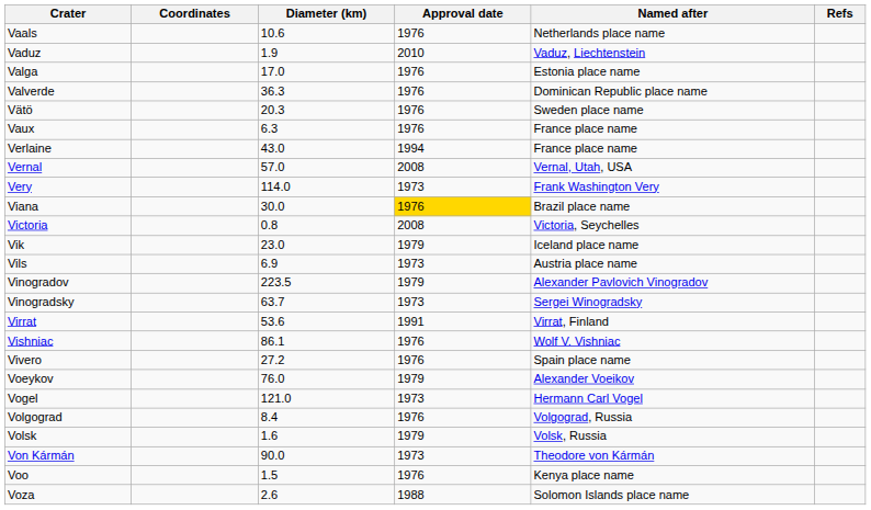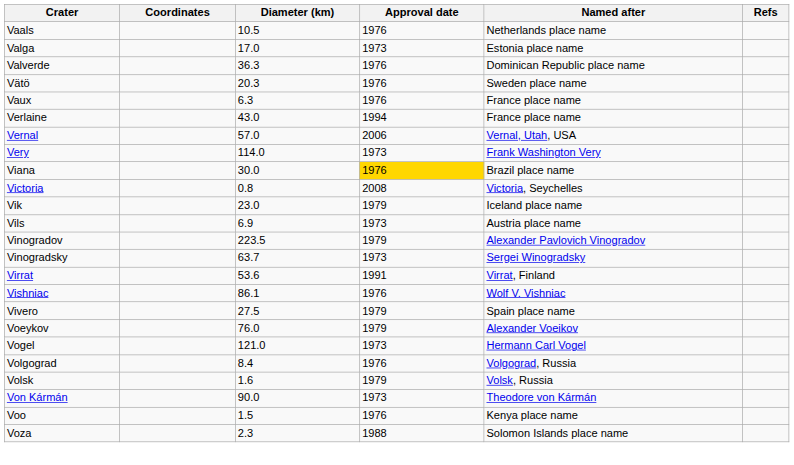 <table class="wikitable" style="min-width: 90%;">
 <tr>
 <th style="width:10em">Crater</th>
 <th style="width:10em">Coordinates</th>
 <th>Diameter (km)</th>
 <th>Approval date</th>
 <th>Named after</th>
 <th>Refs</th>
 </tr>
 <tr id="Vaals">
 <td>Vaals</td>
 <td></td>
-<td>10.6</td>
+<td>10.5</td>
 <td>1976</td>
 <td>Netherlands place name</td>
-<td></td>
-</tr>
-<tr id="Vaduz">
-<td>Vaduz</td>
-<td></td>
-<td>1.9</td>
-<td>2010</td>
-<td><a href='#'>Vaduz</a>, <a href='#'>Liechtenstein</a></td>
 <td></td>
 </tr>
 <tr id="Valga">
 <td>Valga</td>
 <td></td>
 <td>17.0</td>
-<td>1976</td>
+<td>1973</td>
 <td>Estonia place name</td>
 <td></td>
 </tr>
 <tr id="Valverde">
 <td>Valverde</td>
 <td></td>
 <td>36.3</td>
 <td>1976</td>
 <td>Dominican Republic place name</td>
 <td></td>
 </tr>
 <tr id="Vato">
 <td>Vätö</td>
 <td></td>
 <td>20.3</td>
 <td>1976</td>
 <td>Sweden place name</td>
 <td></td>
 </tr>
 <tr id="Vaux">
 <td>Vaux</td>
 <td></td>
 <td>6.3</td>
 <td>1976</td>
 <td>France place name</td>
 <td></td>
 </tr>
 <tr id="Verlaine">
 <td>Verlaine</td>
 <td></td>
 <td>43.0</td>
 <td>1994</td>
 <td>France place name</td>
 <td></td>
 </tr>
 <tr id="Vernal">
 <td><a href='#'>Vernal</a></td>
 <td></td>
 <td>57.0</td>
-<td>2008</td>
+<td>2006</td>
 <td><a href='#'>Vernal, Utah</a>, USA</td>
 <td></td>
 </tr>
 <tr id="Very">
 <td><a href='#'>Very</a></td>
 <td></td>
 <td>114.0</td>
 <td>1973</td>
 <td><a href='#'>Frank Washington Very</a></td>
 <td></td>
 </tr>
 <tr id="Viana">
 <td>Viana</td>
 <td></td>
 <td>30.0</td>
 <td style="background: gold;">1976</td>
 <td>Brazil place name</td>
 <td></td>
 </tr>
 <tr id="Victoria">
 <td><a href='#'>Victoria</a></td>
 <td></td>
 <td>0.8</td>
 <td>2008</td>
 <td><a href='#'>Victoria</a>, Seychelles</td>
 <td></td>
 </tr>
 <tr id="Vik">
 <td>Vik</td>
 <td></td>
 <td>23.0</td>
 <td>1979</td>
 <td>Iceland place name</td>
 <td></td>
 </tr>
 <tr id="Vils">
 <td>Vils</td>
 <td></td>
 <td>6.9</td>
 <td>1973</td>
 <td>Austria place name</td>
 <td></td>
 </tr>
 <tr id="Vinogradov">
 <td>Vinogradov</td>
 <td></td>
 <td>223.5</td>
 <td>1979</td>
 <td><a href='#'>Alexander Pavlovich Vinogradov</a></td>
 <td></td>
 </tr>
 <tr id="Vinogradsky">
 <td>Vinogradsky</td>
 <td></td>
 <td>63.7</td>
 <td>1973</td>
 <td><a href='#'>Sergei Winogradsky</a></td>
 <td></td>
 </tr>
 <tr id="Virrat">
 <td><a href='#'>Virrat</a></td>
 <td></td>
 <td>53.6</td>
 <td>1991</td>
 <td><a href='#'>Virrat</a>, Finland</td>
 <td></td>
 </tr>
 <tr id="Vishniac">
 <td><a href='#'>Vishniac</a></td>
 <td></td>
 <td>86.1</td>
 <td>1976</td>
 <td><a href='#'>Wolf V. Vishniac</a></td>
 <td></td>
 </tr>
 <tr id="Vivero">
 <td>Vivero</td>
 <td></td>
-<td>27.2</td>
-<td>1976</td>
+<td>27.5</td>
+<td>1979</td>
 <td>Spain place name</td>
 <td></td>
 </tr>
 <tr id="Voeykov">
 <td>Voeykov</td>
 <td></td>
 <td>76.0</td>
 <td>1979</td>
 <td><a href='#'>Alexander Voeikov</a></td>
 <td></td>
 </tr>
 <tr id="Vogel">
 <td>Vogel</td>
 <td></td>
 <td>121.0</td>
 <td>1973</td>
 <td><a href='#'>Hermann Carl Vogel</a></td>
 <td></td>
 </tr>
 <tr id="Volgograd">
 <td>Volgograd</td>
 <td></td>
 <td>8.4</td>
 <td>1976</td>
 <td><a href='#'>Volgograd</a>, Russia</td>
 <td></td>
 </tr>
 <tr id="Vol">
 <td>Volsk</td>
 <td></td>
 <td>1.6</td>
 <td>1979</td>
 <td><a href='#'>Volsk</a>, Russia</td>
 <td></td>
 </tr>
 <tr id="Von Karman">
 <td><a href='#'>Von Kármán</a></td>
 <td></td>
 <td>90.0</td>
 <td>1973</td>
 <td><a href='#'>Theodore von Kármán</a></td>
 <td></td>
 </tr>
 <tr id="Voo">
 <td>Voo</td>
 <td></td>
 <td>1.5</td>
 <td>1976</td>
 <td>Kenya place name</td>
 <td></td>
 </tr>
 <tr id="Voza">
 <td>Voza</td>
 <td></td>
-<td>2.6</td>
+<td>2.3</td>
 <td>1988</td>
 <td>Solomon Islands place name</td>
 <td></td>
 </tr>
 </table>
